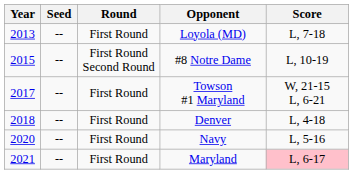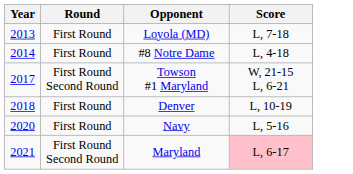 <table class="wikitable">
 <tr>
 <th style="width:40px; ">Year</th>
-<th style="width:40px; ">Seed</th>
 <th style="width:100px; ">Round</th>
 <th style="width:130px; ">Opponent</th>
 <th style="width:100px; ">Score</th>
 </tr>
 <tr align="center">
 <td><a href='#'>2013</a></td>
-<td>--</td>
 <td>First Round</td>
 <td><a href='#'>Loyola (MD)</a></td>
 <td>L, 7-18</td>
 </tr>
 <tr align="center">
-<td><a href='#'>2015</a></td>
-<td>--</td>
-<td>First Round<br>Second Round</td>
+<td><a href='#'>2014</a></td>
+<td>First Round</td>
 <td>#8 <a href='#'>Notre Dame</a></td>
-<td>L, 10-19</td>
+<td>L, 4-18</td>
 </tr>
 <tr align="center">
 <td><a href='#'>2017</a></td>
-<td>--</td>
-<td>First Round</td>
+<td>First Round<br>Second Round</td>
 <td><a href='#'>Towson</a><br>#1 <a href='#'>Maryland</a></td>
 <td>W, 21-15<br>L, 6-21</td>
 </tr>
 <tr align="center">
 <td><a href='#'>2018</a></td>
-<td>--</td>
 <td>First Round</td>
 <td><a href='#'>Denver</a></td>
-<td>L, 4-18</td>
+<td>L, 10-19</td>
 </tr>
 <tr align="center">
 <td><a href='#'>2020</a></td>
-<td>--</td>
 <td>First Round</td>
 <td><a href='#'>Navy</a></td>
 <td>L, 5-16</td>
 </tr>
 <tr align="center">
 <td><a href='#'>2021</a></td>
-<td>--</td>
-<td>First Round</td>
+<td>First Round<br>Second Round</td>
 <td><a href='#'>Maryland</a></td>
 <td style="background: pink;">L, 6-17</td>
 </tr>
 </table>
